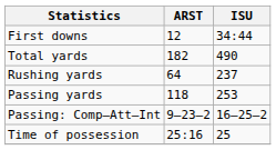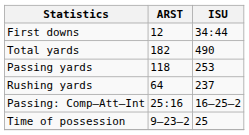 <table class="wikitable" style="float: left;">
 <tr>
 <th>Statistics</th>
 <th>ARST</th>
 <th>ISU</th>
 </tr>
 <tr>
 <td>First downs</td>
 <td>12</td>
 <td>34:44</td>
 </tr>
 <tr>
 <td>Total yards</td>
 <td>182</td>
 <td>490</td>
 </tr>
 <tr>
+<td>Passing yards</td>
+<td>118</td>
+<td>253</td>
+</tr>
+<tr>
 <td>Rushing yards</td>
 <td>64</td>
 <td>237</td>
 </tr>
 <tr>
-<td>Passing yards</td>
-<td>118</td>
-<td>253</td>
-</tr>
-<tr>
 <td>Passing: Comp–Att–Int</td>
-<td>9–23–2</td>
+<td>25:16</td>
 <td>16–25–2</td>
 </tr>
 <tr>
 <td>Time of possession</td>
-<td>25:16</td>
+<td>9–23–2</td>
 <td>25</td>
 </tr>
 <tr>
 </tr>
 </table>
